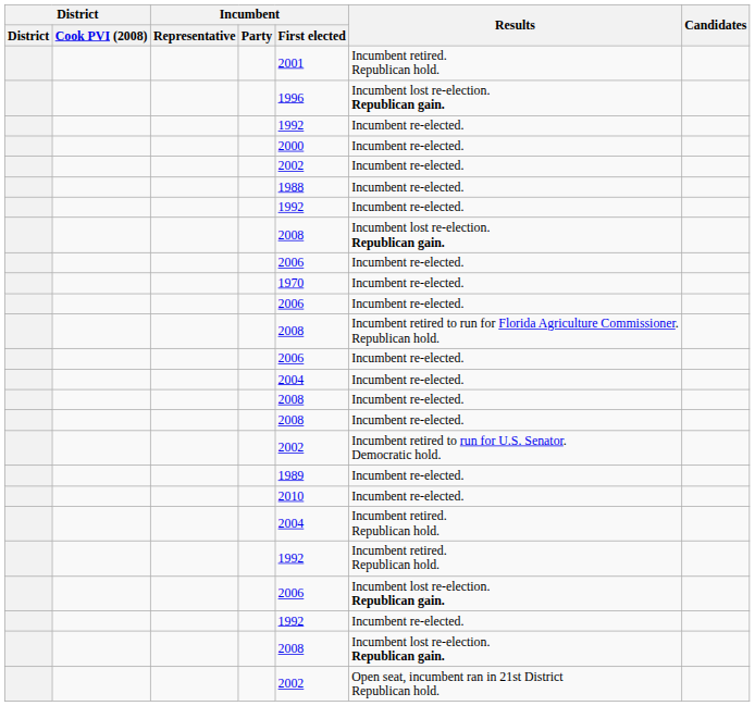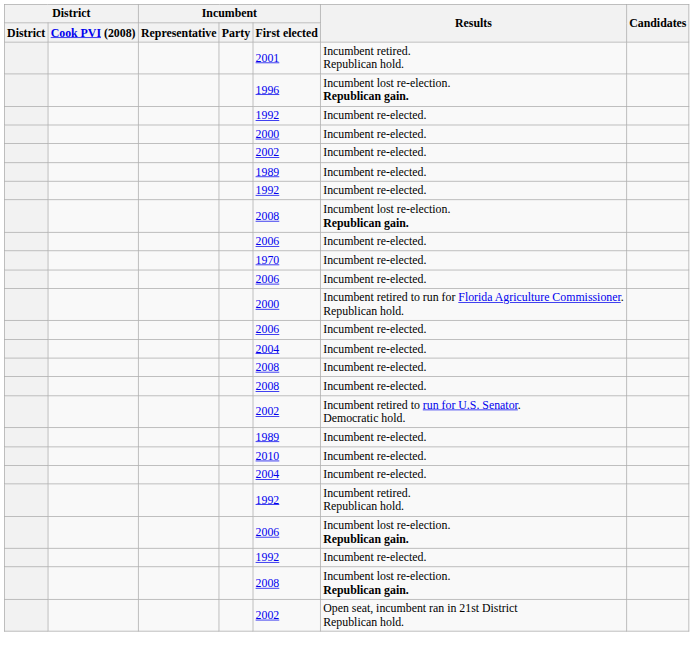 <table class="wikitable sortable">
 <tr>
 <th colspan=2>District</th>
 <th colspan=3>Incumbent</th>
 <th rowspan=2>Results</th>
 <th rowspan=2>Candidates</th>
 </tr>
 <tr valign=bottom>
 <th>District</th>
 <th><a href='#'>Cook PVI</a> (2008)</th>
 <th>Representative</th>
 <th>Party</th>
 <th>First elected</th>
 </tr>
 <tr>
 <th></th>
 <td></td>
 <td></td>
 <td></td>
 <td><a href='#'>2001</a></td>
 <td>Incumbent retired.<br>Republican hold.</td>
 <td nowrap></td>
 </tr>
 <tr>
 <th></th>
 <td></td>
 <td></td>
 <td></td>
 <td><a href='#'>1996</a></td>
 <td>Incumbent lost re-election.<br><strong>Republican gain.</strong></td>
 <td nowrap></td>
 </tr>
 <tr>
 <th></th>
 <td></td>
 <td></td>
 <td></td>
 <td><a href='#'>1992</a></td>
 <td>Incumbent re-elected.</td>
 <td nowrap></td>
 </tr>
 <tr>
 <th></th>
 <td></td>
 <td></td>
 <td></td>
 <td><a href='#'>2000</a></td>
 <td>Incumbent re-elected.</td>
 <td nowrap></td>
 </tr>
 <tr>
 <th></th>
 <td></td>
 <td></td>
 <td></td>
 <td><a href='#'>2002</a></td>
 <td>Incumbent re-elected.</td>
 <td nowrap></td>
 </tr>
 <tr>
 <th></th>
 <td></td>
 <td></td>
 <td></td>
-<td><a href='#'>1988</a></td>
+<td><a href='#'>1989</a></td>
 <td>Incumbent re-elected.</td>
 <td nowrap></td>
 </tr>
 <tr>
 <th></th>
 <td></td>
 <td></td>
 <td></td>
 <td><a href='#'>1992</a></td>
 <td>Incumbent re-elected.</td>
 <td nowrap></td>
 </tr>
 <tr>
 <th></th>
 <td></td>
 <td></td>
 <td></td>
 <td><a href='#'>2008</a></td>
 <td>Incumbent lost re-election.<br><strong>Republican gain.</strong></td>
 <td nowrap></td>
 </tr>
 <tr>
 <th></th>
 <td></td>
 <td></td>
 <td></td>
 <td><a href='#'>2006</a></td>
 <td>Incumbent re-elected.</td>
 <td nowrap></td>
 </tr>
 <tr>
 <th></th>
 <td></td>
 <td></td>
 <td></td>
 <td><a href='#'>1970</a></td>
 <td>Incumbent re-elected.</td>
 <td nowrap></td>
 </tr>
 <tr>
 <th></th>
 <td></td>
 <td></td>
 <td></td>
 <td><a href='#'>2006</a></td>
 <td>Incumbent re-elected.</td>
 <td nowrap></td>
 </tr>
 <tr>
 <th></th>
 <td></td>
 <td></td>
 <td></td>
-<td><a href='#'>2008</a></td>
+<td><a href='#'>2000</a></td>
 <td>Incumbent retired to run for <a href='#'>Florida Agriculture Commissioner</a>.<br>Republican hold.</td>
 <td nowrap></td>
 </tr>
 <tr>
 <th></th>
 <td></td>
 <td></td>
 <td></td>
 <td><a href='#'>2006</a></td>
 <td>Incumbent re-elected.</td>
 <td nowrap></td>
 </tr>
 <tr>
 <th></th>
 <td></td>
 <td></td>
 <td></td>
 <td><a href='#'>2004</a></td>
 <td>Incumbent re-elected.</td>
 <td nowrap></td>
 </tr>
 <tr>
 <th></th>
 <td></td>
 <td></td>
 <td></td>
 <td><a href='#'>2008</a></td>
 <td>Incumbent re-elected.</td>
 <td nowrap></td>
 </tr>
 <tr>
 <th></th>
 <td></td>
 <td></td>
 <td></td>
 <td><a href='#'>2008</a></td>
 <td>Incumbent re-elected.</td>
 <td nowrap></td>
 </tr>
 <tr>
 <th></th>
 <td></td>
 <td></td>
 <td></td>
 <td><a href='#'>2002</a></td>
 <td>Incumbent retired to <a href='#'>run for U.S. Senator</a>.<br>Democratic hold.</td>
 <td nowrap></td>
 </tr>
 <tr>
 <th></th>
 <td></td>
 <td></td>
 <td></td>
 <td><a href='#'>1989</a></td>
 <td>Incumbent re-elected.</td>
 <td nowrap></td>
 </tr>
 <tr>
 <th></th>
 <td></td>
 <td></td>
 <td></td>
 <td><a href='#'>2010</a></td>
 <td>Incumbent re-elected.</td>
 <td nowrap></td>
 </tr>
 <tr>
 <th></th>
 <td></td>
 <td></td>
 <td></td>
 <td><a href='#'>2004</a></td>
-<td>Incumbent retired.<br>Republican hold.</td>
+<td>Incumbent re-elected.</td>
 <td nowrap><br></td>
 </tr>
 <tr>
 <th></th>
 <td></td>
 <td></td>
 <td></td>
 <td><a href='#'>1992</a></td>
 <td>Incumbent retired.<br>Republican hold.</td>
 <td nowrap></td>
 </tr>
 <tr>
 <th></th>
 <td></td>
 <td></td>
 <td></td>
 <td><a href='#'>2006</a></td>
 <td>Incumbent lost re-election.<br><strong>Republican gain.</strong></td>
 <td nowrap></td>
 </tr>
 <tr>
 <th></th>
 <td></td>
 <td></td>
 <td></td>
 <td><a href='#'>1992</a></td>
 <td>Incumbent re-elected.</td>
 <td nowrap></td>
 </tr>
 <tr>
 <th></th>
 <td></td>
 <td></td>
 <td></td>
 <td><a href='#'>2008</a></td>
 <td>Incumbent lost re-election.<br><strong>Republican gain.</strong></td>
 <td nowrap></td>
 </tr>
 <tr>
 <th></th>
 <td></td>
 <td></td>
 <td></td>
 <td><a href='#'>2002</a></td>
 <td>Open seat, incumbent ran in 21st District<br>Republican hold.</td>
 <td nowrap></td>
 </tr>
 </table>
